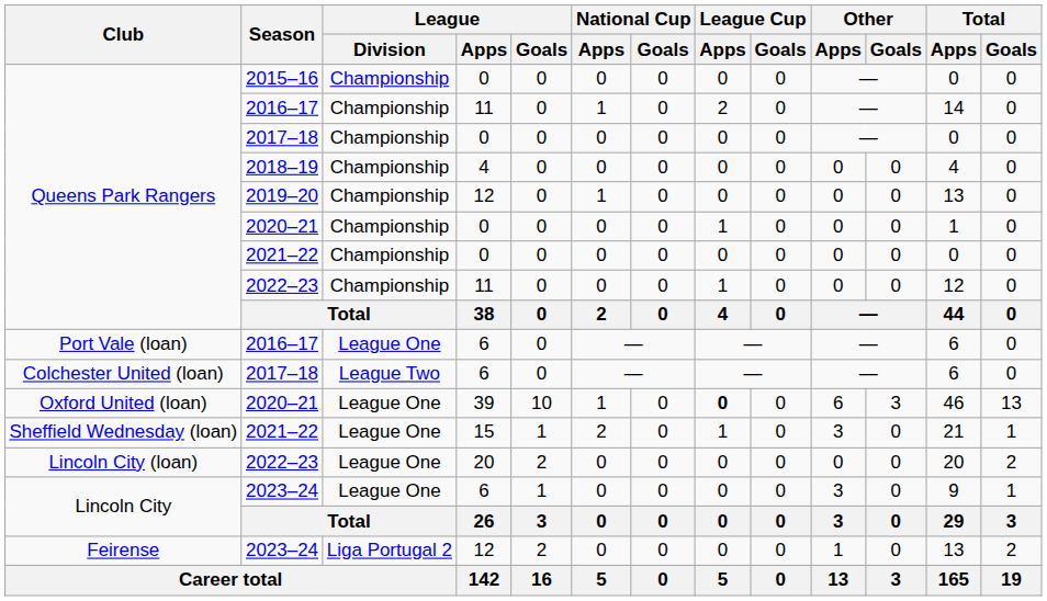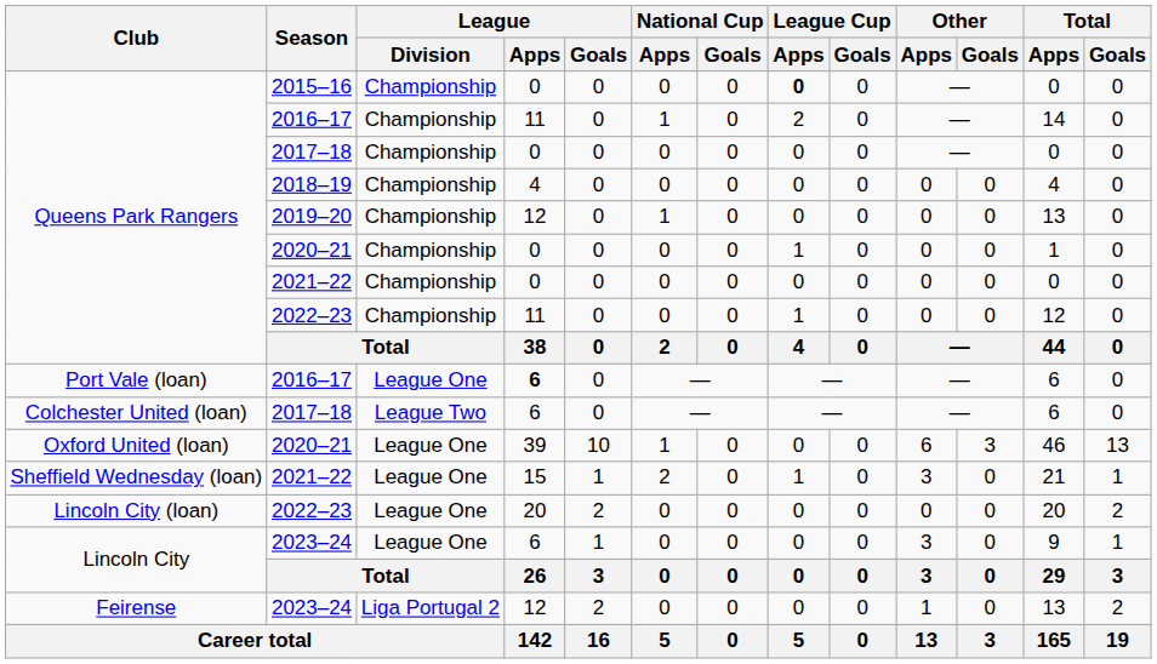 <table class=wikitable style="text-align: center;">
 <tr>
 <th rowspan=2>Club</th>
 <th rowspan=2>Season</th>
 <th colspan=3>League</th>
 <th colspan=2>National Cup</th>
 <th colspan=2>League Cup</th>
 <th colspan=2>Other</th>
 <th colspan=2>Total</th>
 </tr>
 <tr>
 <th>Division</th>
 <th>Apps</th>
 <th>Goals</th>
 <th>Apps</th>
 <th>Goals</th>
 <th>Apps</th>
 <th>Goals</th>
 <th>Apps</th>
 <th>Goals</th>
 <th>Apps</th>
 <th>Goals</th>
 </tr>
 <tr>
 <td rowspan="9"><a href='#'>Queens Park Rangers</a></td>
 <td><a href='#'>2015–16</a></td>
 <td><a href='#'>Championship</a></td>
 <td>0</td>
 <td>0</td>
 <td>0</td>
 <td>0</td>
-<td>0</td>
+<td><strong>0</strong></td>
 <td>0</td>
 <td colspan=2>—</td>
 <td>0</td>
 <td>0</td>
 </tr>
 <tr>
 <td><a href='#'>2016–17</a></td>
 <td>Championship</td>
 <td>11</td>
 <td>0</td>
 <td>1</td>
 <td>0</td>
 <td>2</td>
 <td>0</td>
 <td colspan=2>—</td>
 <td>14</td>
 <td>0</td>
 </tr>
 <tr>
 <td><a href='#'>2017–18</a></td>
 <td>Championship</td>
 <td>0</td>
 <td>0</td>
 <td>0</td>
 <td>0</td>
 <td>0</td>
 <td>0</td>
 <td colspan=2>—</td>
 <td>0</td>
 <td>0</td>
 </tr>
 <tr>
 <td><a href='#'>2018–19</a></td>
 <td>Championship</td>
 <td>4</td>
 <td>0</td>
 <td>0</td>
 <td>0</td>
 <td>0</td>
 <td>0</td>
 <td>0</td>
 <td 0>0</td>
 <td>4</td>
 <td>0</td>
 </tr>
 <tr>
 <td><a href='#'>2019–20</a></td>
 <td>Championship</td>
 <td>12</td>
 <td>0</td>
 <td>1</td>
 <td>0</td>
 <td>0</td>
 <td>0</td>
 <td>0</td>
 <td 0>0</td>
 <td>13</td>
 <td>0</td>
 </tr>
 <tr>
 <td><a href='#'>2020–21</a></td>
 <td>Championship</td>
 <td>0</td>
 <td>0</td>
 <td>0</td>
 <td>0</td>
 <td>1</td>
 <td>0</td>
 <td>0</td>
 <td 0>0</td>
 <td>1</td>
 <td>0</td>
 </tr>
 <tr>
 <td><a href='#'>2021–22</a></td>
 <td>Championship</td>
 <td>0</td>
 <td>0</td>
 <td>0</td>
 <td>0</td>
 <td>0</td>
 <td>0</td>
 <td>0</td>
 <td 0>0</td>
 <td>0</td>
 <td>0</td>
 </tr>
 <tr>
 <td><a href='#'>2022–23</a></td>
 <td>Championship</td>
 <td>11</td>
 <td>0</td>
 <td>0</td>
 <td>0</td>
 <td>1</td>
 <td>0</td>
 <td>0</td>
 <td 0>0</td>
 <td>12</td>
 <td>0</td>
 </tr>
 <tr>
 <th colspan="2">Total</th>
 <th>38</th>
 <th>0</th>
 <th>2</th>
 <th>0</th>
 <th>4</th>
 <th>0</th>
 <th colspan=2>—</th>
 <th>44</th>
 <th>0</th>
 </tr>
 <tr>
 <td><a href='#'>Port Vale</a> (loan)</td>
 <td><a href='#'>2016–17</a></td>
 <td><a href='#'>League One</a></td>
-<td>6</td>
+<td><strong>6</strong></td>
 <td>0</td>
 <td colspan=2>—</td>
 <td colspan=2>—</td>
 <td colspan=2>—</td>
 <td>6</td>
 <td>0</td>
 </tr>
 <tr>
 <td><a href='#'>Colchester United</a> (loan)</td>
 <td><a href='#'>2017–18</a></td>
 <td><a href='#'>League Two</a></td>
 <td>6</td>
 <td>0</td>
 <td colspan=2>—</td>
 <td colspan=2>—</td>
 <td colspan=2>—</td>
 <td>6</td>
 <td>0</td>
 </tr>
 <tr>
 <td><a href='#'>Oxford United</a> (loan)</td>
 <td><a href='#'>2020–21</a></td>
 <td>League One</td>
 <td>39</td>
 <td>10</td>
 <td>1</td>
 <td>0</td>
-<td><strong>0</strong></td>
+<td>0</td>
 <td>0</td>
 <td>6</td>
 <td>3</td>
 <td>46</td>
 <td>13</td>
 </tr>
 <tr>
 <td><a href='#'>Sheffield Wednesday</a> (loan)</td>
 <td><a href='#'>2021–22</a></td>
 <td>League One</td>
 <td>15</td>
 <td>1</td>
 <td>2</td>
 <td>0</td>
 <td>1</td>
 <td>0</td>
 <td>3</td>
 <td>0</td>
 <td>21</td>
 <td>1</td>
 </tr>
 <tr>
 <td><a href='#'>Lincoln City</a> (loan)</td>
 <td><a href='#'>2022–23</a></td>
 <td>League One</td>
 <td>20</td>
 <td>2</td>
 <td>0</td>
 <td>0</td>
 <td>0</td>
 <td>0</td>
 <td>0</td>
 <td>0</td>
 <td>20</td>
 <td>2</td>
 </tr>
 <tr>
 <td rowspan="2">Lincoln City</td>
 <td><a href='#'>2023–24</a></td>
 <td>League One</td>
 <td>6</td>
 <td>1</td>
 <td>0</td>
 <td>0</td>
 <td>0</td>
 <td>0</td>
 <td>3</td>
 <td>0</td>
 <td>9</td>
 <td>1</td>
 </tr>
 <tr>
 <th colspan="2">Total</th>
 <th>26</th>
 <th>3</th>
 <th>0</th>
 <th>0</th>
 <th>0</th>
 <th>0</th>
 <th>3</th>
 <th>0</th>
 <th>29</th>
 <th>3</th>
 </tr>
 <tr>
 <td><a href='#'>Feirense</a></td>
 <td><a href='#'>2023–24</a></td>
 <td><a href='#'>Liga Portugal 2</a></td>
 <td>12</td>
 <td>2</td>
 <td>0</td>
 <td>0</td>
 <td>0</td>
 <td>0</td>
 <td>1</td>
 <td>0</td>
 <td>13</td>
 <td>2</td>
 </tr>
 <tr>
 <th colspan="3">Career total</th>
 <th>142</th>
 <th>16</th>
 <th>5</th>
 <th>0</th>
 <th>5</th>
 <th>0</th>
 <th>13</th>
 <th>3</th>
 <th>165</th>
 <th>19</th>
 </tr>
 </table>
